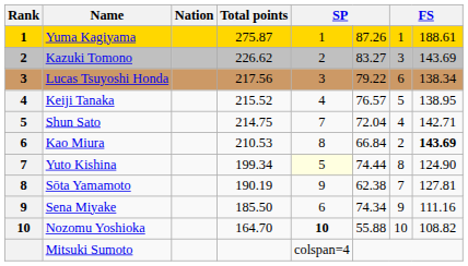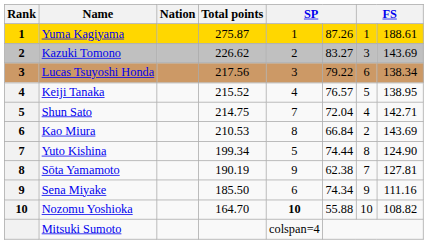 <table class="wikitable sortable">
 <tr>
 <th>Rank</th>
 <th>Name</th>
 <th>Nation</th>
 <th>Total points</th>
 <th colspan="2" width="80px"><a href='#'>SP</a></th>
 <th colspan="2" width="80px"><a href='#'>FS</a></th>
 </tr>
 <tr bgcolor="gold">
 <td align="center"><strong>1</strong></td>
 <td><a href='#'>Yuma Kagiyama</a></td>
 <td></td>
 <td align="center">275.87</td>
 <td align="center">1</td>
 <td align="center">87.26</td>
 <td align="center">1</td>
 <td align="center">188.61</td>
 </tr>
 <tr bgcolor="silver">
 <td align="center"><strong>2</strong></td>
 <td><a href='#'>Kazuki Tomono</a></td>
 <td></td>
 <td align="center">226.62</td>
 <td align="center">2</td>
 <td align="center">83.27</td>
 <td align="center">3</td>
 <td align="center">143.69</td>
 </tr>
 <tr bgcolor="cc9966">
 <td align="center"><strong>3</strong></td>
 <td><a href='#'>Lucas Tsuyoshi Honda</a></td>
 <td></td>
 <td align="center">217.56</td>
 <td align="center">3</td>
 <td align="center">79.22</td>
 <td align="center">6</td>
 <td align="center">138.34</td>
 </tr>
 <tr>
 <th>4</th>
 <td><a href='#'>Keiji Tanaka</a></td>
 <td></td>
 <td align="center">215.52</td>
 <td align="center">4</td>
 <td align="center">76.57</td>
 <td align="center">5</td>
 <td align="center">138.95</td>
 </tr>
 <tr>
 <th>5</th>
 <td><a href='#'>Shun Sato</a></td>
 <td></td>
 <td align="center">214.75</td>
 <td align="center">7</td>
 <td align="center">72.04</td>
 <td align="center">4</td>
 <td align="center">142.71</td>
 </tr>
 <tr>
 <th>6</th>
 <td><a href='#'>Kao Miura</a></td>
 <td></td>
 <td align="center">210.53</td>
 <td align="center">8</td>
 <td align="center">66.84</td>
 <td align="center">2</td>
-<td align="center"><strong>143.69</strong></td>
+<td align="center">143.69</td>
 </tr>
 <tr>
 <th>7</th>
 <td><a href='#'>Yuto Kishina</a></td>
 <td></td>
 <td align="center">199.34</td>
-<td align="center" style="background: lightyellow;">5</td>
+<td align="center">5</td>
 <td align="center">74.44</td>
 <td align="center">8</td>
 <td align="center">124.90</td>
 </tr>
 <tr>
 <th>8</th>
 <td><a href='#'>Sōta Yamamoto</a></td>
 <td></td>
 <td align="center">190.19</td>
 <td align="center">9</td>
 <td align="center">62.38</td>
 <td align="center">7</td>
 <td align="center">127.81</td>
 </tr>
 <tr>
 <th>9</th>
 <td><a href='#'>Sena Miyake</a></td>
 <td></td>
 <td align="center">185.50</td>
 <td align="center">6</td>
 <td align="center">74.34</td>
 <td align="center">9</td>
 <td align="center">111.16</td>
 </tr>
 <tr>
 <th>10</th>
 <td><a href='#'>Nozomu Yoshioka</a></td>
 <td></td>
 <td align="center">164.70</td>
 <td align="center"><strong>10</strong></td>
 <td align="center">55.88</td>
 <td align="center">10</td>
 <td align="center">108.82</td>
 </tr>
 <tr>
 <th></th>
 <td><a href='#'>Mitsuki Sumoto</a></td>
 <td></td>
 <td></td>
 <td>colspan=4 </td>
 </tr>
 </table>
